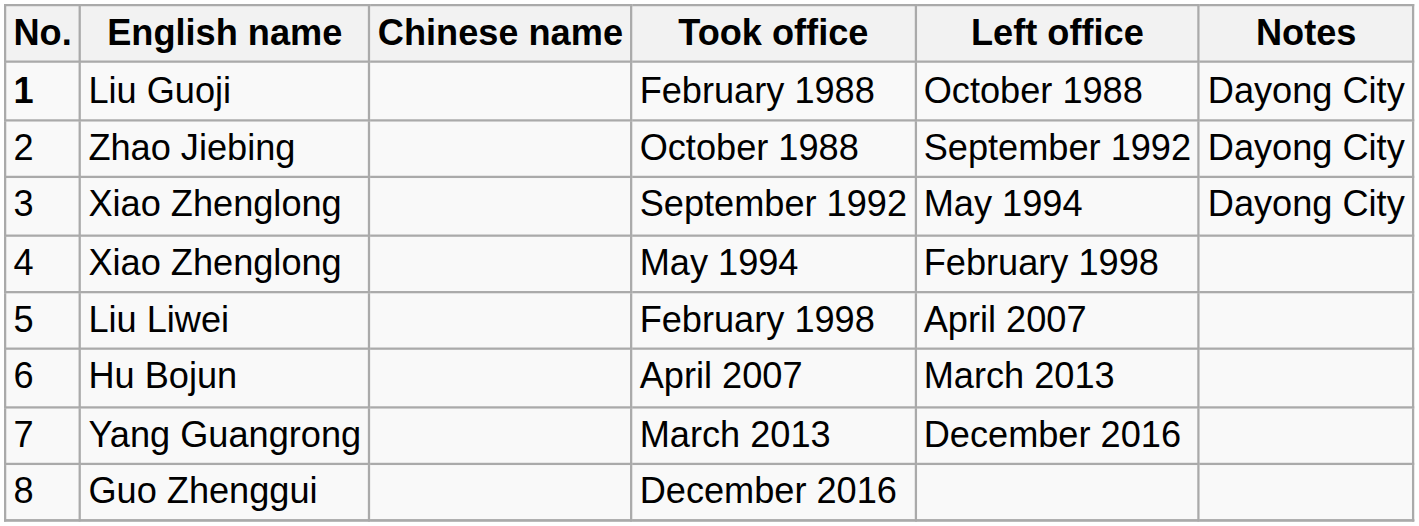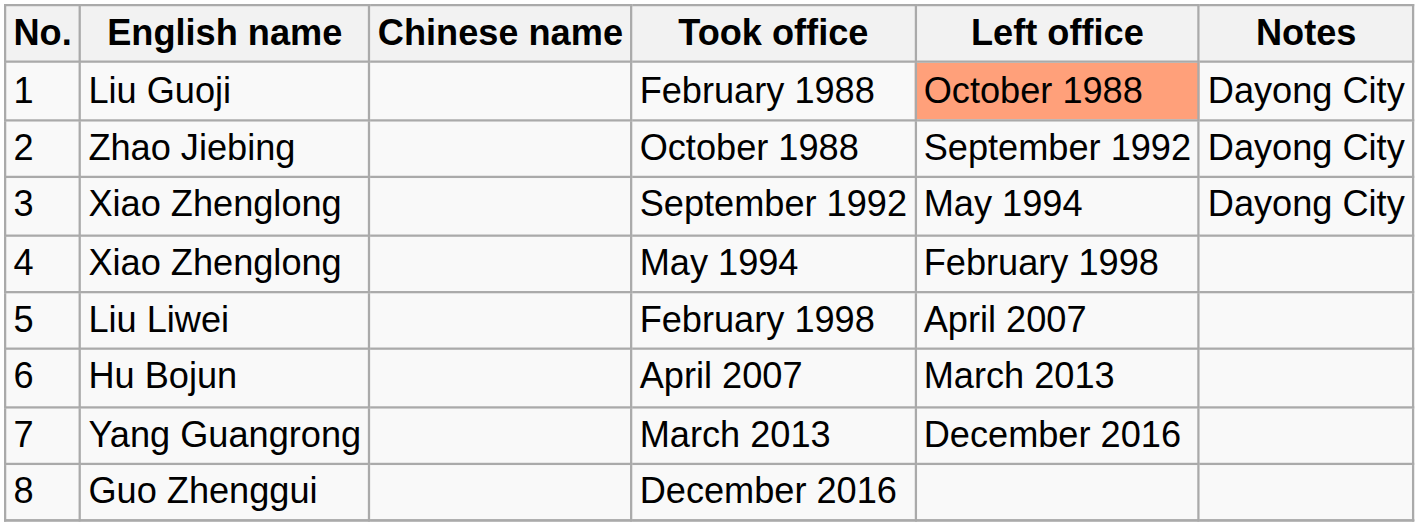 <table class="wikitable">
 <tr>
 <th>No.</th>
 <th>English name</th>
 <th>Chinese name</th>
 <th>Took office</th>
 <th>Left office</th>
 <th>Notes</th>
 </tr>
 <tr>
-<td><strong>1</strong></td>
+<td>1</td>
 <td>Liu Guoji</td>
 <td></td>
 <td>February 1988</td>
-<td>October 1988</td>
+<td style="background: lightsalmon;">October 1988</td>
 <td>Dayong City</td>
 </tr>
 <tr>
 <td>2</td>
 <td>Zhao Jiebing</td>
 <td></td>
 <td>October 1988</td>
 <td>September 1992</td>
 <td>Dayong City</td>
 </tr>
 <tr>
 <td>3</td>
 <td>Xiao Zhenglong</td>
 <td></td>
 <td>September 1992</td>
 <td>May 1994</td>
 <td>Dayong City</td>
 </tr>
 <tr>
 <td>4</td>
 <td>Xiao Zhenglong</td>
 <td></td>
 <td>May 1994</td>
 <td>February 1998</td>
 <td></td>
 </tr>
 <tr>
 <td>5</td>
 <td>Liu Liwei</td>
 <td></td>
 <td>February 1998</td>
 <td>April 2007</td>
 <td></td>
 </tr>
 <tr>
 <td>6</td>
 <td>Hu Bojun</td>
 <td></td>
 <td>April 2007</td>
 <td>March 2013</td>
 <td></td>
 </tr>
 <tr>
 <td>7</td>
 <td>Yang Guangrong</td>
 <td></td>
 <td>March 2013</td>
 <td>December 2016</td>
 <td></td>
 </tr>
 <tr>
 <td>8</td>
 <td>Guo Zhenggui</td>
 <td></td>
 <td>December 2016</td>
 <td></td>
 <td></td>
 </tr>
 <tr>
 </tr>
 </table>
